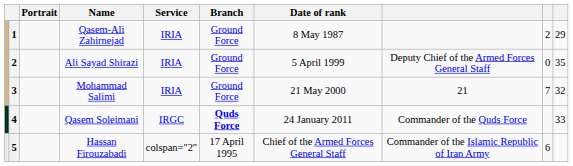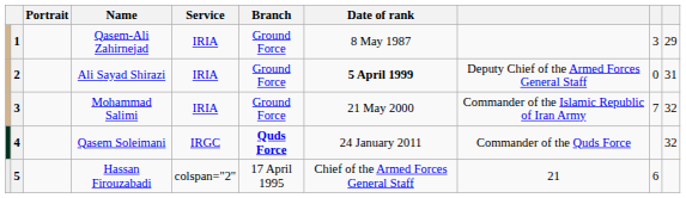 <table class="wikitable" style="text-align: center;">
 <tr>
 <th colspan="2"></th>
 <th>Portrait</th>
 <th>Name</th>
 <th>Service</th>
 <th>Branch</th>
 <th>Date of rank</th>
 <th></th>
 <th></th>
 <th></th>
 </tr>
 <tr>
 <th style="background:#D2B48C"></th>
 <th>1</th>
 <td></td>
 <td><a href='#'>Qasem-Ali Zahirnejad</a></td>
 <td><a href='#'>IRIA</a></td>
 <td><a href='#'>Ground Force</a></td>
 <td>8 May 1987</td>
 <td></td>
-<td>2</td>
+<td>3</td>
 <td>29</td>
 </tr>
 <tr>
 <th style="background:#D2B48C"></th>
 <th>2</th>
 <td></td>
 <td><a href='#'>Ali Sayad Shirazi</a></td>
 <td><a href='#'>IRIA</a></td>
 <td><a href='#'>Ground Force</a></td>
-<td>5 April 1999</td>
+<td><strong>5 April 1999</strong></td>
 <td>Deputy Chief of the <a href='#'>Armed Forces General Staff</a> </td>
 <td>0</td>
-<td>35</td>
+<td>31</td>
 </tr>
 <tr>
 <th style="background:#D2B48C"></th>
 <th>3</th>
 <td></td>
 <td><a href='#'>Mohammad Salimi</a></td>
 <td><a href='#'>IRIA</a></td>
 <td><a href='#'>Ground Force</a></td>
 <td>21 May 2000</td>
-<td>21</td>
+<td>Commander of the <a href='#'>Islamic Republic of Iran Army</a> </td>
 <td>7</td>
 <td>32</td>
 </tr>
 <tr>
 <th style="background:#013220"></th>
 <th>4</th>
 <td></td>
 <td><a href='#'>Qasem Soleimani</a></td>
 <td><a href='#'>IRGC</a></td>
 <td><strong><a href='#'>Quds Force</a></strong></td>
 <td>24 January 2011</td>
 <td>Commander of the <a href='#'>Quds Force</a> </td>
 <td></td>
-<td>33</td>
+<td>32</td>
 </tr>
 <tr>
 <th style="background:#ececec"></th>
 <th>5</th>
 <td></td>
 <td><a href='#'>Hassan Firouzabadi</a></td>
 <td>colspan="2" </td>
 <td>17 April 1995</td>
 <td>Chief of the <a href='#'>Armed Forces General Staff</a> </td>
-<td>Commander of the <a href='#'>Islamic Republic of Iran Army</a> </td>
+<td>21</td>
 <td>6</td>
 </tr>
 </table>
